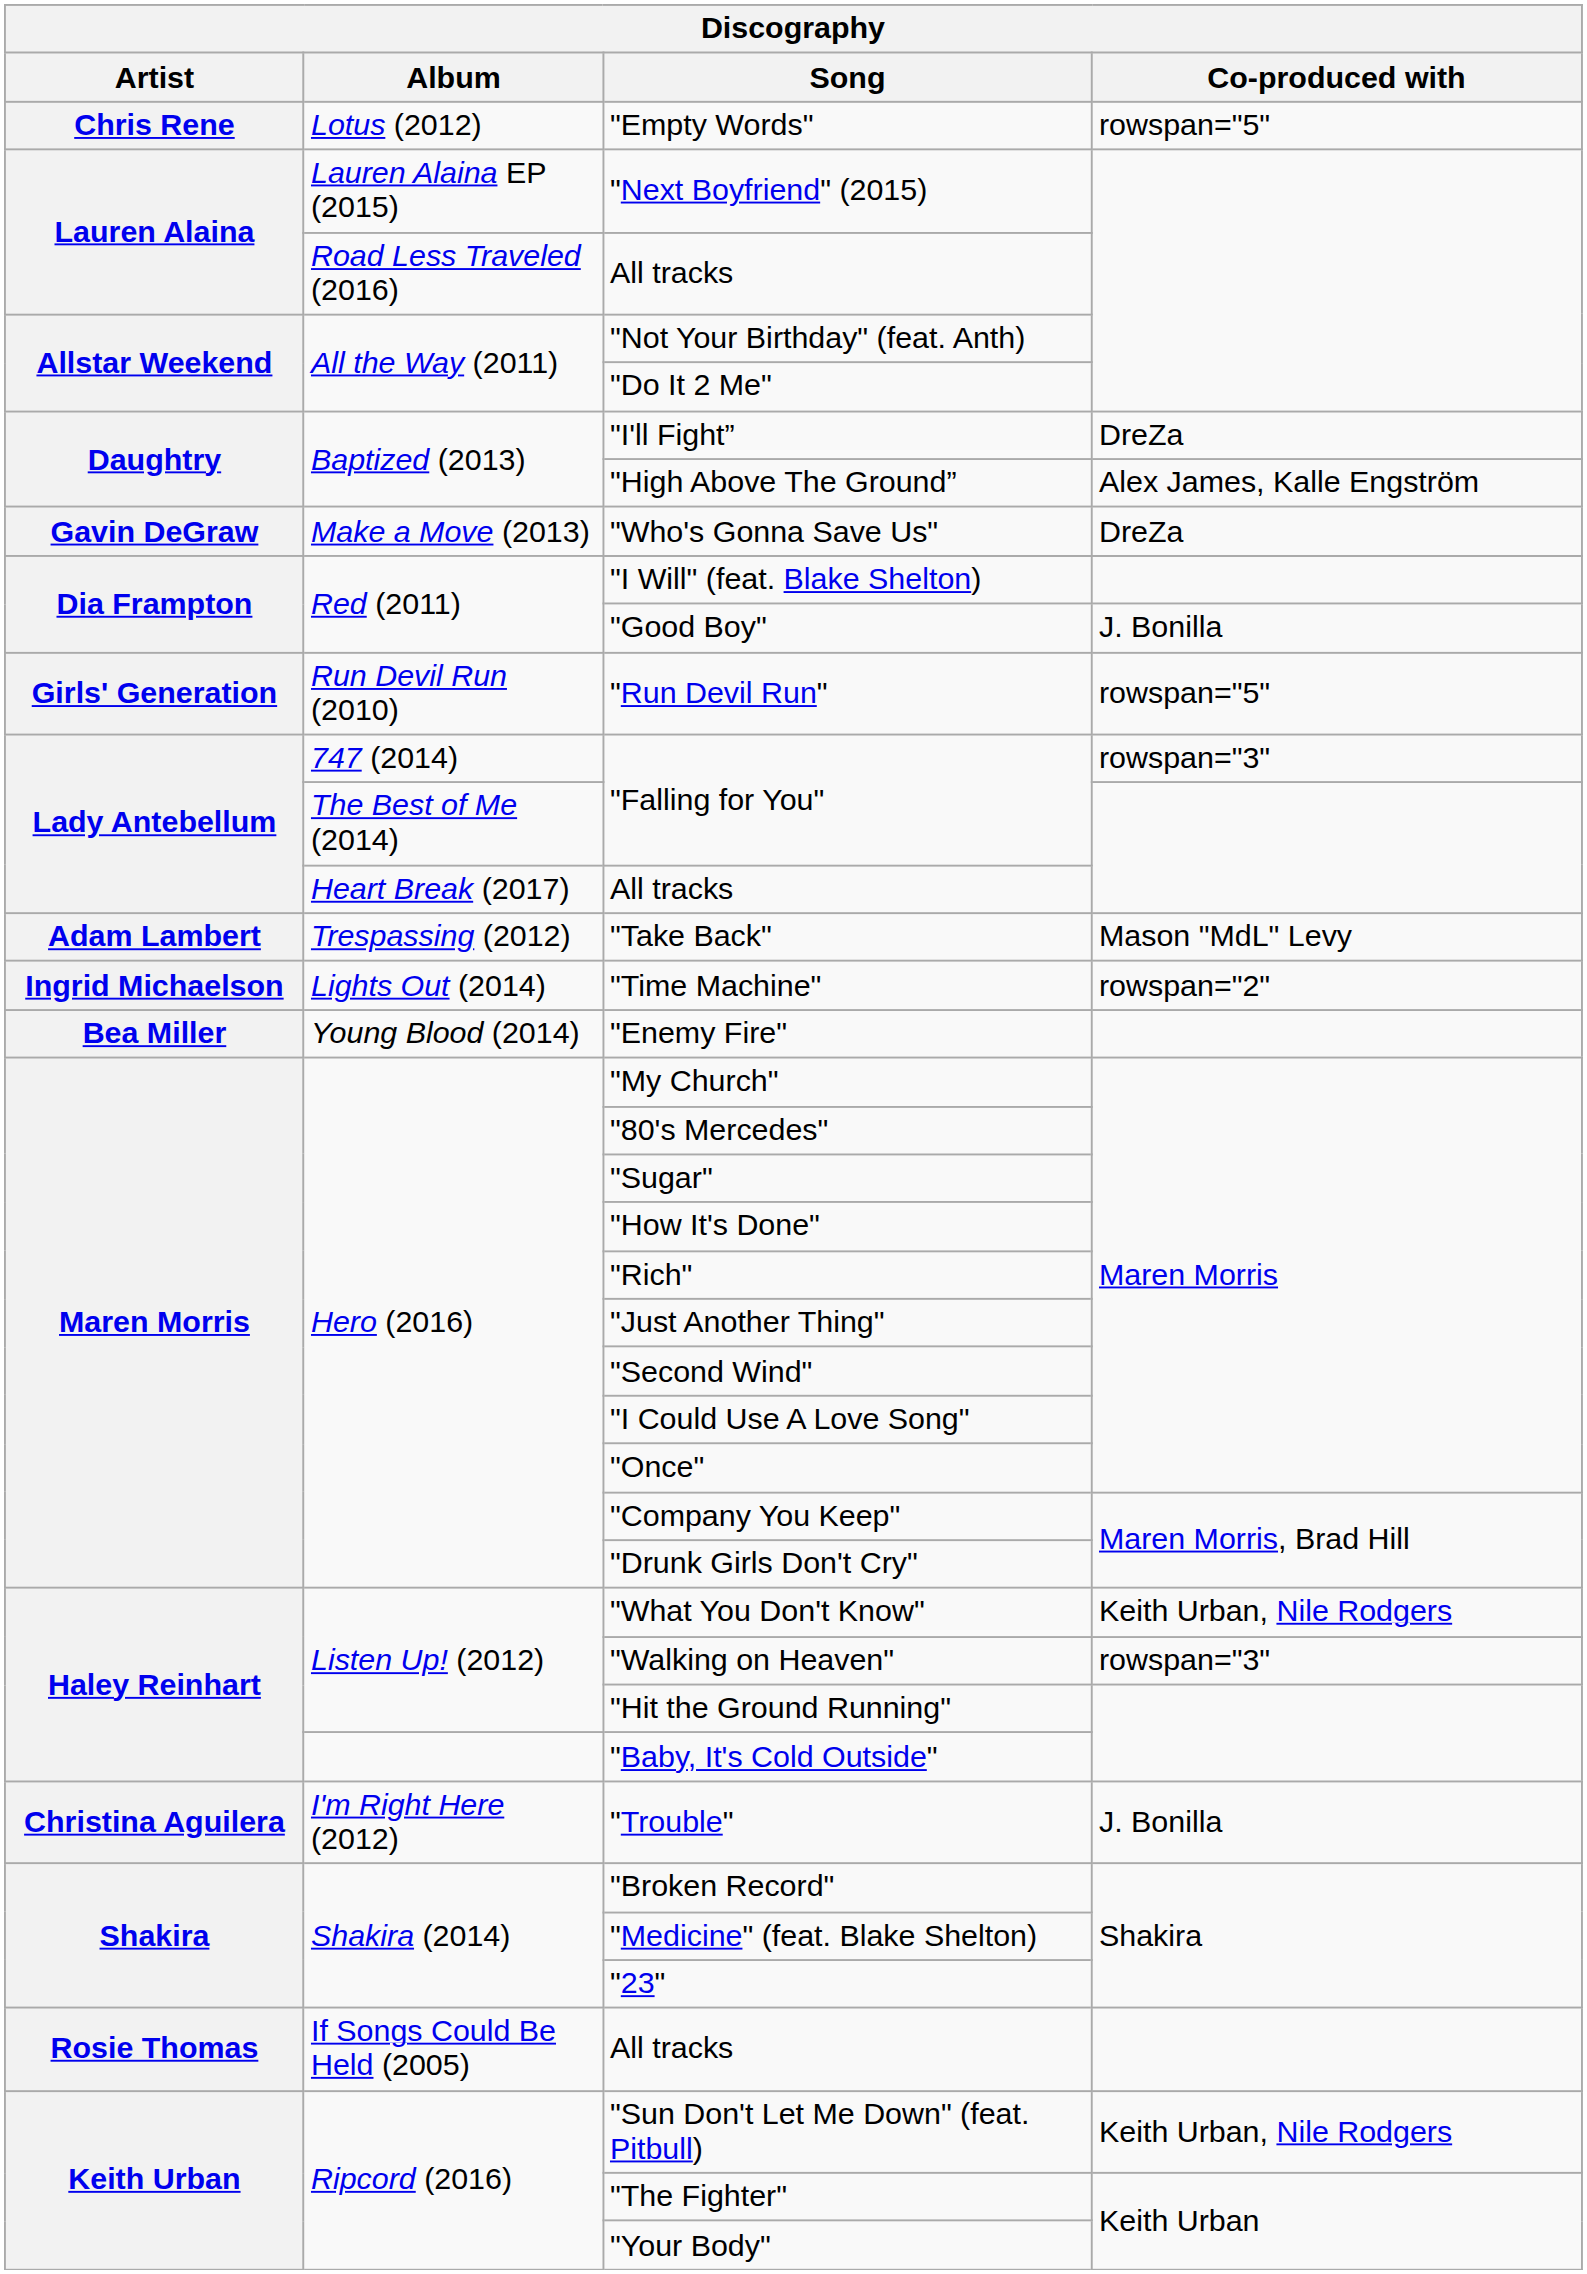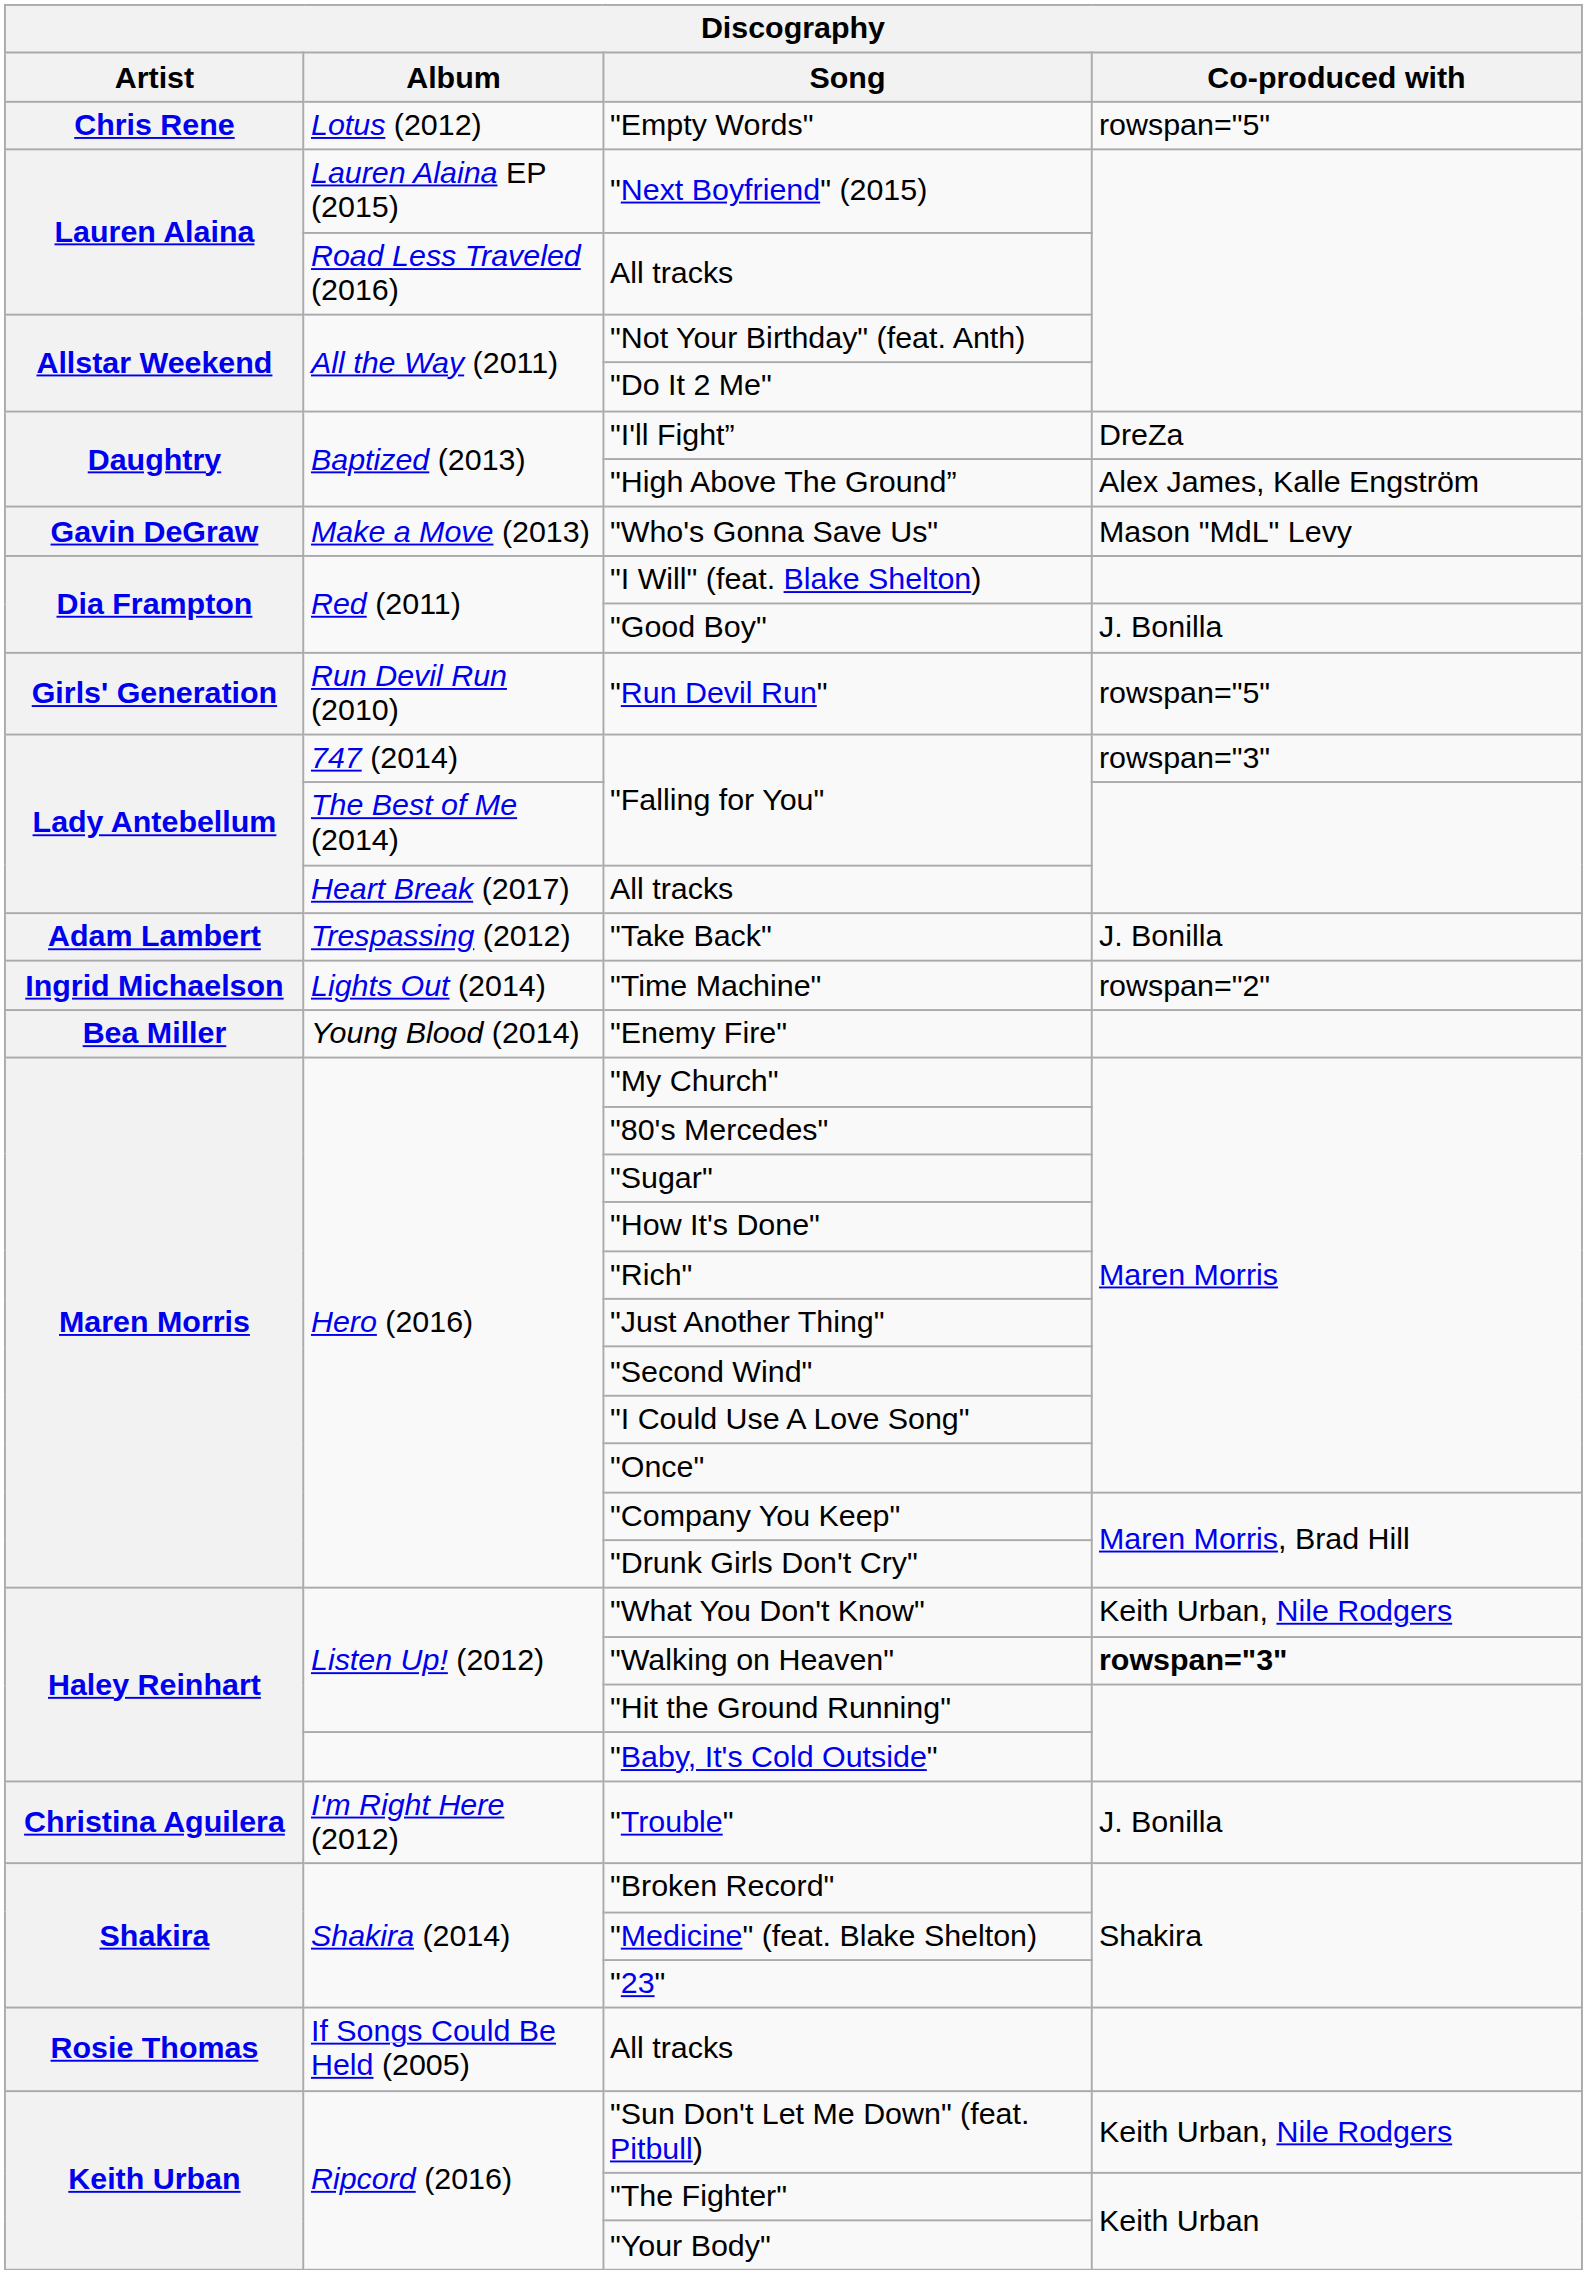 <table class="wikitable">
 <tr>
 <th colspan="4">Discography</th>
 </tr>
 <tr style="background:#ccc;">
 <th style="width:150px;">Artist</th>
 <th style="width:150px;">Album</th>
 <th style="width:250px;">Song</th>
 <th style="width:250px;">Co-produced with</th>
 </tr>
 <tr>
 <th><a href='#'>Chris Rene</a></th>
 <td><em><a href='#'>Lotus</a></em> (2012)</td>
 <td>"Empty Words"</td>
 <td>rowspan="5" </td>
 </tr>
 <tr>
 <th rowspan="2"><a href='#'>Lauren Alaina</a></th>
 <td><em><a href='#'>Lauren Alaina</a></em> EP (2015)</td>
 <td>"<a href='#'>Next Boyfriend</a>" (2015)</td>
 </tr>
 <tr>
 <td><em><a href='#'>Road Less Traveled</a></em> (2016)</td>
 <td>All tracks</td>
 </tr>
 <tr>
 <th rowspan="2"><a href='#'>Allstar Weekend</a></th>
 <td rowspan="2"><em><a href='#'>All the Way</a></em> (2011)</td>
 <td>"Not Your Birthday" (feat. Anth)</td>
 </tr>
 <tr>
 <td>"Do It 2 Me"</td>
 </tr>
 <tr>
 <th rowspan="2"><a href='#'>Daughtry</a></th>
 <td rowspan="2"><em><a href='#'>Baptized</a></em> (2013)</td>
 <td>"I'll Fight”</td>
 <td>DreZa</td>
 </tr>
 <tr>
 <td>"High Above The Ground”</td>
 <td>Alex James, Kalle Engström</td>
 </tr>
 <tr>
 <th><a href='#'>Gavin DeGraw</a></th>
 <td><em><a href='#'>Make a Move</a></em> (2013)</td>
 <td>"Who's Gonna Save Us"</td>
-<td>DreZa</td>
+<td>Mason "MdL" Levy</td>
 </tr>
 <tr>
 <th rowspan="3"><a href='#'>Dia Frampton</a></th>
 <td rowspan="3"><em><a href='#'>Red</a></em> (2011)</td>
 </tr>
 <tr>
 <td>"I Will" (feat. <a href='#'>Blake Shelton</a>)</td>
 <td></td>
 </tr>
 <tr>
 <td>"Good Boy"</td>
 <td>J. Bonilla</td>
 </tr>
 <tr>
 <th><a href='#'>Girls' Generation</a></th>
 <td><em><a href='#'>Run Devil Run</a></em> (2010)</td>
 <td>"<a href='#'>Run Devil Run</a>"</td>
 <td>rowspan="5" </td>
 </tr>
 <tr>
 <th rowspan="3"><a href='#'>Lady Antebellum</a></th>
 <td><em><a href='#'>747</a></em> (2014)</td>
 <td rowspan="2">"Falling for You"</td>
 <td>rowspan="3" </td>
 </tr>
 <tr>
 <td><em><a href='#'>The Best of Me</a></em> (2014)</td>
 </tr>
 <tr>
 <td><em><a href='#'>Heart Break</a></em> (2017)</td>
 <td>All tracks</td>
 </tr>
 <tr>
 <th><a href='#'>Adam Lambert</a></th>
 <td><em><a href='#'>Trespassing</a></em> (2012)</td>
 <td>"Take Back"</td>
-<td>Mason "MdL" Levy</td>
+<td>J. Bonilla</td>
 </tr>
 <tr>
 <th><a href='#'>Ingrid Michaelson</a></th>
 <td><em><a href='#'>Lights Out</a></em> (2014)</td>
 <td>"Time Machine"</td>
 <td>rowspan="2" </td>
 </tr>
 <tr>
 <th><a href='#'>Bea Miller</a></th>
 <td><em>Young Blood</em> (2014)</td>
 <td>"Enemy Fire"</td>
 </tr>
 <tr>
 <th rowspan="11"><a href='#'>Maren Morris</a></th>
 <td rowspan="11"><em><a href='#'>Hero</a></em> (2016)</td>
 <td>"My Church"</td>
 <td rowspan="9"><a href='#'>Maren Morris</a></td>
 </tr>
 <tr>
 <td>"80's Mercedes"</td>
 </tr>
 <tr>
 <td>"Sugar"</td>
 </tr>
 <tr>
 <td>"How It's Done"</td>
 </tr>
 <tr>
 <td>"Rich"</td>
 </tr>
 <tr>
 <td>"Just Another Thing"</td>
 </tr>
 <tr>
 <td>"Second Wind"</td>
 </tr>
 <tr>
 <td>"I Could Use A Love Song"</td>
 </tr>
 <tr>
 <td>"Once"</td>
 </tr>
 <tr>
 <td>"Company You Keep"</td>
 <td rowspan="2"><a href='#'>Maren Morris</a>, Brad Hill</td>
 </tr>
 <tr>
 <td>"Drunk Girls Don't Cry"</td>
 </tr>
 <tr>
 <th rowspan="4"><a href='#'>Haley Reinhart</a></th>
 <td rowspan="3"><em><a href='#'>Listen Up!</a></em> (2012)</td>
 <td>"What You Don't Know"</td>
 <td>Keith Urban, <a href='#'>Nile Rodgers</a></td>
 </tr>
 <tr>
 <td>"Walking on Heaven"</td>
-<td>rowspan="3" </td>
+<td><strong>rowspan="3" </strong></td>
 </tr>
 <tr>
 <td>"Hit the Ground Running"</td>
 </tr>
 <tr>
 <td></td>
 <td>"<a href='#'>Baby, It's Cold Outside</a>"</td>
 </tr>
 <tr>
 <th><a href='#'>Christina Aguilera</a></th>
 <td><em><a href='#'>I'm Right Here</a></em> (2012)</td>
 <td>"<a href='#'>Trouble</a>"</td>
 <td>J. Bonilla</td>
 </tr>
 <tr>
 <th rowspan="3"><a href='#'>Shakira</a></th>
 <td rowspan="3"><em><a href='#'>Shakira</a></em> (2014)</td>
 <td>"Broken Record"</td>
 <td rowspan="3">Shakira</td>
 </tr>
 <tr>
 <td>"<a href='#'>Medicine</a>" (feat. Blake Shelton)</td>
 </tr>
 <tr>
 <td>"<a href='#'>23</a>"</td>
 </tr>
 <tr>
 <th><a href='#'>Rosie Thomas</a></th>
 <td><a href='#'>If Songs Could Be Held</a> (2005)</td>
 <td>All tracks</td>
 <td></td>
 </tr>
 <tr>
 <th rowspan="3"><a href='#'>Keith Urban</a></th>
 <td rowspan="3"><em><a href='#'>Ripcord</a></em> (2016)</td>
 <td>"Sun Don't Let Me Down" (feat. <a href='#'>Pitbull</a>)</td>
 <td>Keith Urban, <a href='#'>Nile Rodgers</a></td>
 </tr>
 <tr>
 <td>"The Fighter"</td>
 <td rowspan="2">Keith Urban</td>
 </tr>
 <tr>
 <td>"Your Body"</td>
 </tr>
 </table>
